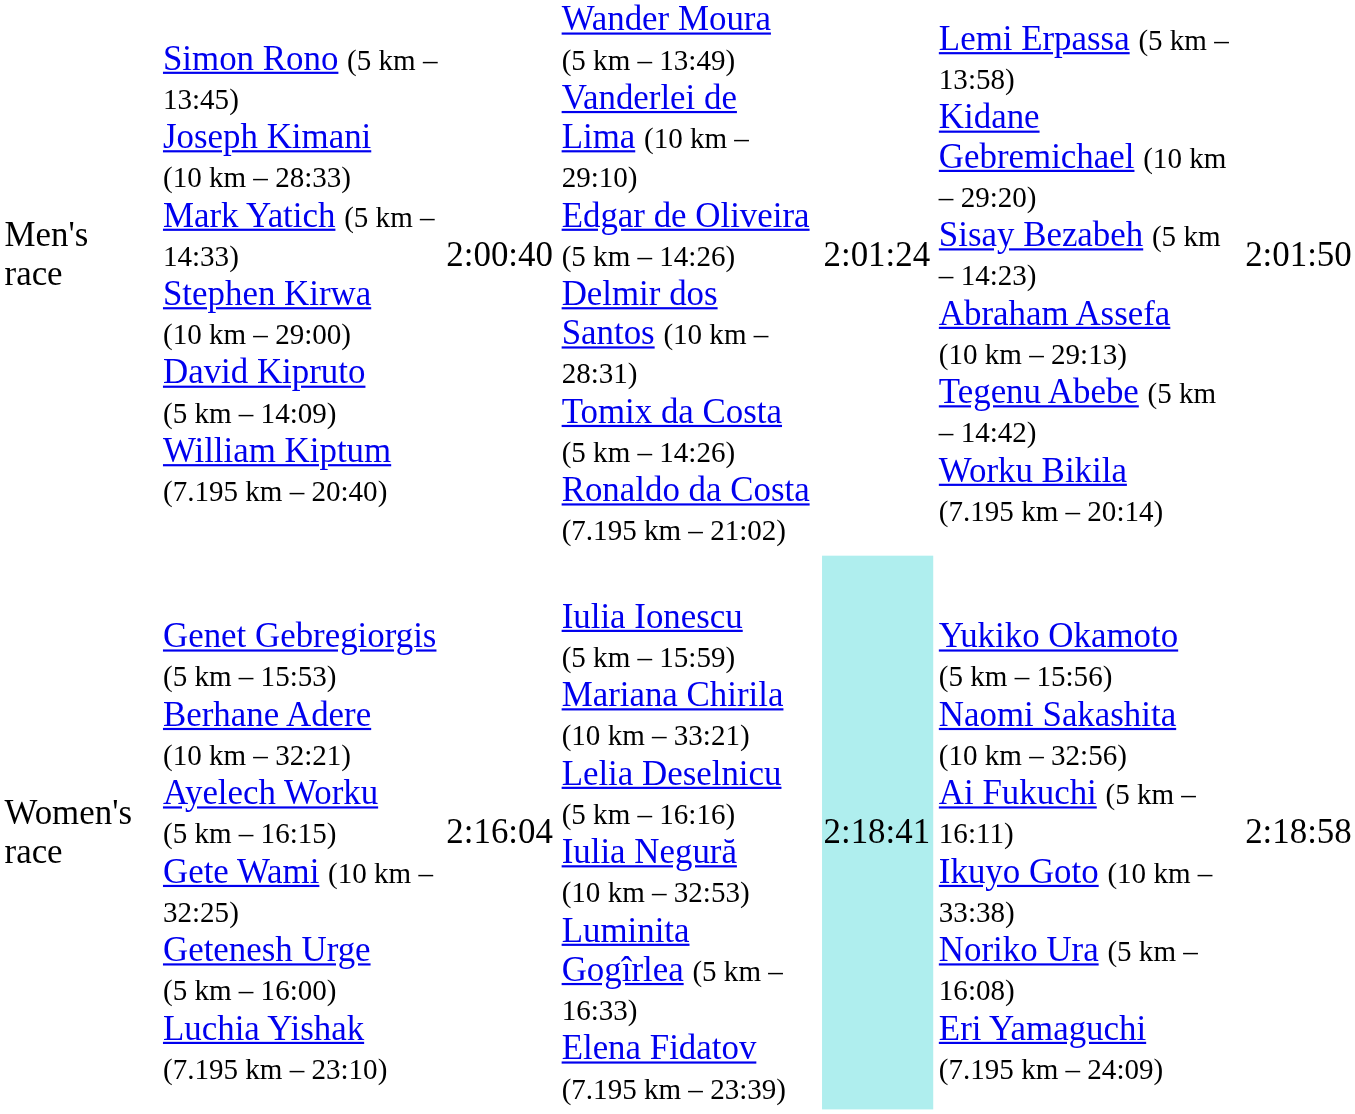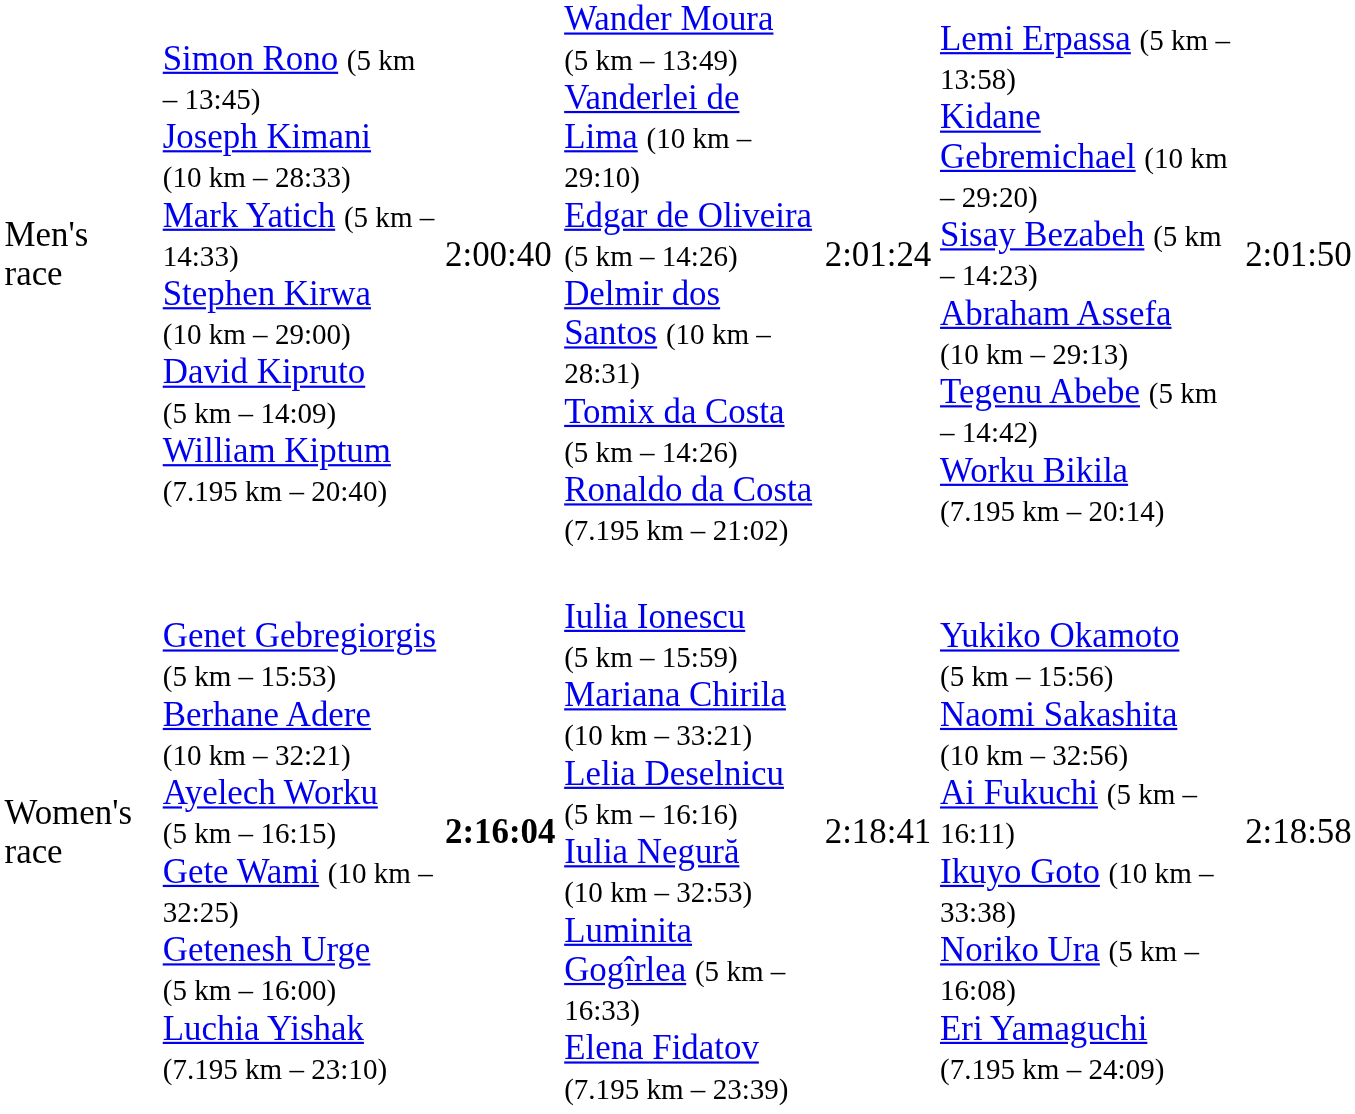 <table>
 <tr>
 <td>Men's race</td>
 <td> <br><a href='#'>Simon Rono</a> <small>(5 km – 13:45)</small><br><a href='#'>Joseph Kimani</a> <small>(10 km – 28:33)</small><br><a href='#'>Mark Yatich</a> <small>(5 km – 14:33)</small><br><a href='#'>Stephen Kirwa</a> <small>(10 km – 29:00)</small><br><a href='#'>David Kipruto</a> <small>(5 km – 14:09)</small><br><a href='#'>William Kiptum</a> <small>(7.195 km – 20:40)</small></td>
 <td>2:00:40</td>
 <td> <br><a href='#'>Wander Moura</a> <small>(5 km – 13:49)</small><br><a href='#'>Vanderlei de Lima</a> <small>(10 km – 29:10)</small><br><a href='#'>Edgar de Oliveira</a> <small>(5 km – 14:26)</small><br><a href='#'>Delmir dos Santos</a> <small>(10 km – 28:31)</small><br><a href='#'>Tomix da Costa</a> <small>(5 km – 14:26)</small><br><a href='#'>Ronaldo da Costa</a> <small>(7.195 km – 21:02)</small></td>
 <td>2:01:24</td>
 <td> <br><a href='#'>Lemi Erpassa</a> <small>(5 km – 13:58)</small><br><a href='#'>Kidane Gebremichael</a> <small>(10 km – 29:20)</small><br><a href='#'>Sisay Bezabeh</a> <small>(5 km – 14:23)</small><br><a href='#'>Abraham Assefa</a> <small>(10 km – 29:13)</small><br><a href='#'>Tegenu Abebe</a> <small>(5 km – 14:42)</small><br><a href='#'>Worku Bikila</a> <small>(7.195 km – 20:14)</small></td>
 <td>2:01:50</td>
 </tr>
 <tr>
 <td>Women's race</td>
 <td> <br><a href='#'>Genet Gebregiorgis</a> <small>(5 km – 15:53)</small><br><a href='#'>Berhane Adere</a> <small>(10 km – 32:21)</small><br><a href='#'>Ayelech Worku</a> <small>(5 km – 16:15)</small><br><a href='#'>Gete Wami</a> <small>(10 km – 32:25)</small><br><a href='#'>Getenesh Urge</a> <small>(5 km – 16:00)</small><br><a href='#'>Luchia Yishak</a> <small>(7.195 km – 23:10)</small></td>
-<td>2:16:04</td>
+<td><strong>2:16:04</strong></td>
 <td> <br><a href='#'>Iulia Ionescu</a> <small>(5 km – 15:59)</small><br><a href='#'>Mariana Chirila</a> <small>(10 km – 33:21)</small><br><a href='#'>Lelia Deselnicu</a> <small>(5 km – 16:16)</small><br><a href='#'>Iulia Negură</a> <small>(10 km – 32:53)</small><br><a href='#'>Luminita Gogîrlea</a> <small>(5 km – 16:33)</small><br><a href='#'>Elena Fidatov</a> <small>(7.195 km – 23:39)</small></td>
-<td style="background: paleturquoise;">2:18:41</td>
+<td>2:18:41</td>
 <td> <br><a href='#'>Yukiko Okamoto</a> <small>(5 km – 15:56)</small><br><a href='#'>Naomi Sakashita</a> <small>(10 km – 32:56)</small><br><a href='#'>Ai Fukuchi</a> <small>(5 km – 16:11)</small><br><a href='#'>Ikuyo Goto</a> <small>(10 km – 33:38)</small><br><a href='#'>Noriko Ura</a> <small>(5 km – 16:08)</small><br><a href='#'>Eri Yamaguchi</a> <small>(7.195 km – 24:09)</small></td>
 <td>2:18:58</td>
 </tr>
 </table>
